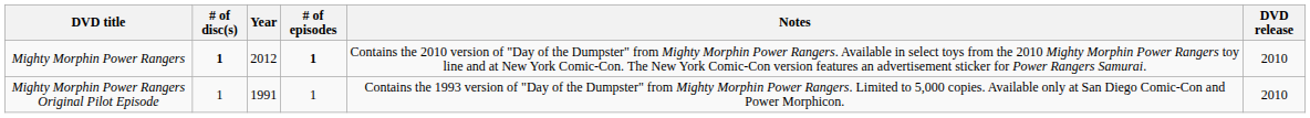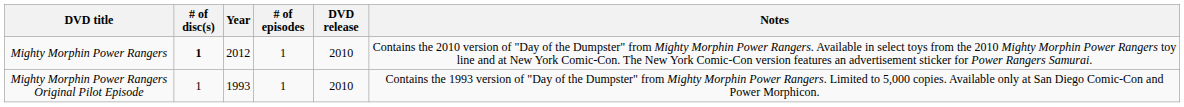 <table class="wikitable"  style="width:99%; left:0 auto; text-align:center;">
 <tr>
 <th>DVD title</th>
 <th># of disc(s)</th>
 <th>Year</th>
 <th># of episodes</th>
+<th>DVD release</th>
 <th>Notes</th>
-<th>DVD release</th>
 </tr>
 <tr>
 <td><em>Mighty Morphin Power Rangers</em></td>
 <td><strong>1</strong></td>
 <td>2012</td>
-<td><strong>1</strong></td>
+<td>1</td>
+<td>2010</td>
 <td>Contains the 2010 version of "Day of the Dumpster" from <em>Mighty Morphin Power Rangers</em>. Available in select toys from the 2010 <em>Mighty Morphin Power Rangers</em> toy line and at New York Comic-Con. The New York Comic-Con version features an advertisement sticker for <em>Power Rangers Samurai</em>.</td>
-<td>2010</td>
 </tr>
 <tr>
 <td><em>Mighty Morphin Power Rangers Original Pilot Episode</em></td>
 <td>1</td>
-<td>1991</td>
+<td>1993</td>
 <td>1</td>
+<td>2010</td>
 <td>Contains the 1993 version of "Day of the Dumpster" from <em>Mighty Morphin Power Rangers</em>. Limited to 5,000 copies. Available only at San Diego Comic-Con and Power Morphicon.</td>
-<td>2010</td>
 </tr>
 </table>
